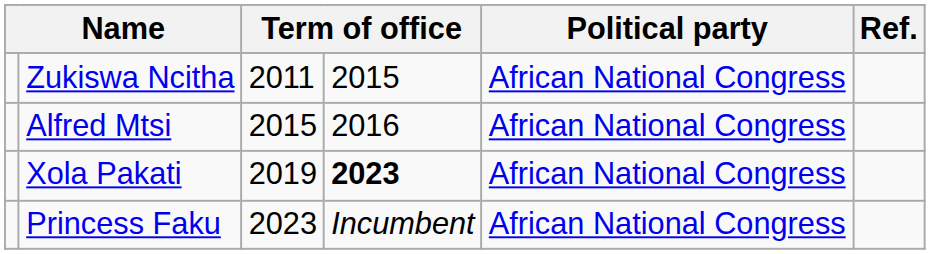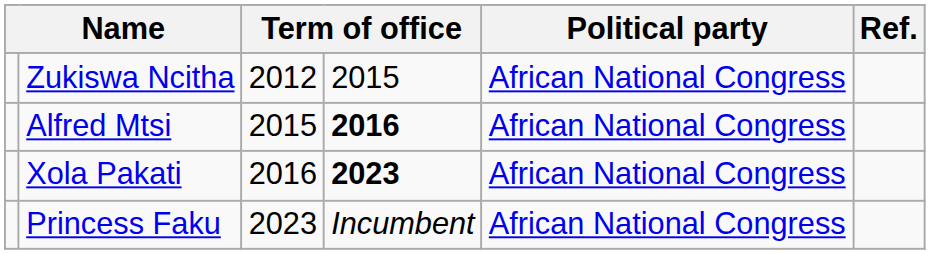 <table class="wikitable">
 <tr>
 <th colspan="2">Name</th>
 <th colspan="2">Term of office</th>
 <th>Political party</th>
 <th>Ref.</th>
 </tr>
 <tr>
 <td style="background-color: "></td>
 <td><a href='#'>Zukiswa Ncitha</a></td>
-<td>2011</td>
+<td>2012</td>
 <td>2015</td>
 <td><a href='#'>African National Congress</a></td>
 <td></td>
 </tr>
 <tr>
 <td style="background-color: "></td>
 <td><a href='#'>Alfred Mtsi</a></td>
 <td>2015</td>
-<td>2016</td>
+<td><strong>2016</strong></td>
 <td><a href='#'>African National Congress</a></td>
 <td></td>
 </tr>
 <tr>
 <td style="background-color: "></td>
 <td><a href='#'>Xola Pakati</a></td>
-<td>2019</td>
+<td>2016</td>
 <td><strong>2023</strong></td>
 <td><a href='#'>African National Congress</a></td>
 <td></td>
 </tr>
 <tr>
 <td style="background-color: "></td>
 <td><a href='#'>Princess Faku</a></td>
 <td>2023</td>
 <td><em>Incumbent</em></td>
 <td><a href='#'>African National Congress</a></td>
 </tr>
 </table>
